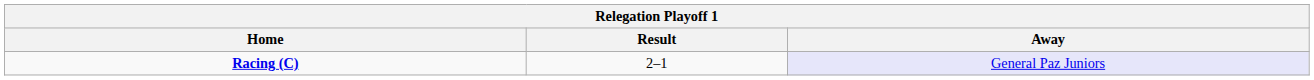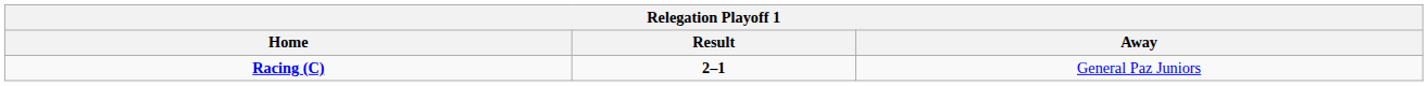 <table align=center class="wikitable collapsed" style="font-size:95%; text-align: center; width: 70%;">
 <tr>
 <th colspan=100% style="with: 100%;" align=center>Relegation Playoff 1</th>
 </tr>
 <tr>
 <th width=30%>Home</th>
 <th width=15%>Result</th>
 <th width=30%>Away</th>
 </tr>
 <tr align=center>
 <td><strong><a href='#'>Racing (C)</a></strong></td>
-<td>2–1</td>
-<td style="background: lavender;"><a href='#'>General Paz Juniors</a></td>
+<td><strong>2–1</strong></td>
+<td><a href='#'>General Paz Juniors</a></td>
 </tr>
 </table>
